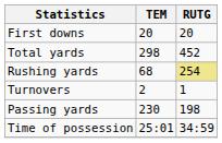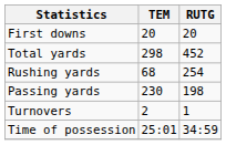 <table class="wikitable">
 <tr>
 <th>Statistics</th>
 <th>TEM</th>
 <th>RUTG</th>
 </tr>
 <tr>
 <td>First downs</td>
 <td>20</td>
 <td>20</td>
 </tr>
 <tr>
 <td>Total yards</td>
 <td>298</td>
 <td>452</td>
 </tr>
 <tr>
 <td>Rushing yards</td>
 <td>68</td>
-<td style="background: khaki;">254</td>
+<td>254</td>
+</tr>
+<tr>
+<td>Passing yards</td>
+<td>230</td>
+<td>198</td>
 </tr>
 <tr>
 <td>Turnovers</td>
 <td>2</td>
 <td>1</td>
-</tr>
-<tr>
-<td>Passing yards</td>
-<td>230</td>
-<td>198</td>
 </tr>
 <tr>
 <td>Time of possession</td>
 <td>25:01</td>
 <td>34:59</td>
 </tr>
 <tr>
 </tr>
 </table>
